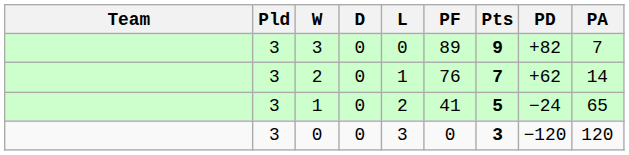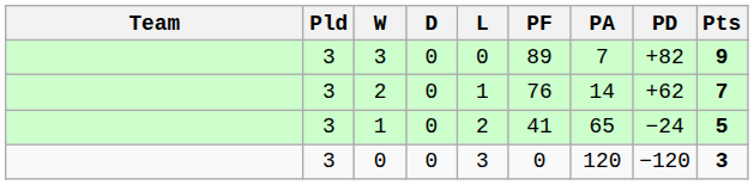 <table class="wikitable" style="text-align:center;">
 <tr>
 <th width=175>Team</th>
 <th width=25 abbr="Played">Pld</th>
 <th width=25 abbr="Won">W</th>
 <th width=25 abbr="Drawn">D</th>
 <th width=25 abbr="Lost">L</th>
 <th width=32 abbr="Points for">PF</th>
+<th width=32 abbr="Points against">PA</th>
+<th width=32 abbr="Points difference">PD</th>
 <th width=25 abbr="Points">Pts</th>
-<th width=32 abbr="Points difference">PD</th>
-<th width=32 abbr="Points against">PA</th>
 </tr>
 <tr bgcolor=ccffcc>
 <td align=left></td>
 <td>3</td>
 <td>3</td>
 <td>0</td>
 <td>0</td>
 <td>89</td>
+<td>7</td>
+<td>+82</td>
 <td><strong>9</strong></td>
-<td>+82</td>
-<td>7</td>
 </tr>
 <tr bgcolor=ccffcc>
 <td align=left></td>
 <td>3</td>
 <td>2</td>
 <td>0</td>
 <td>1</td>
 <td>76</td>
+<td>14</td>
+<td>+62</td>
 <td><strong>7</strong></td>
-<td>+62</td>
-<td>14</td>
 </tr>
 <tr bgcolor=ccffcc>
 <td align=left></td>
 <td>3</td>
 <td>1</td>
 <td>0</td>
 <td>2</td>
 <td>41</td>
+<td>65</td>
+<td>−24</td>
 <td><strong>5</strong></td>
-<td>−24</td>
-<td>65</td>
 </tr>
 <tr>
 <td align=left></td>
 <td>3</td>
 <td>0</td>
 <td>0</td>
 <td>3</td>
 <td>0</td>
+<td>120</td>
+<td>−120</td>
 <td><strong>3</strong></td>
-<td>−120</td>
-<td>120</td>
 </tr>
 </table>
